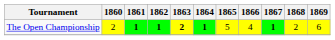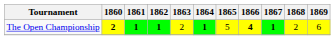 <table class="wikitable" style="font-size:95%;text-align:center;">
 <tr>
 <th>Tournament</th>
 <th>1860</th>
 <th>1861</th>
 <th>1862</th>
 <th>1863</th>
 <th>1864</th>
 <th>1865</th>
 <th>1866</th>
 <th>1867</th>
 <th>1868</th>
 <th>1869</th>
 </tr>
 <tr>
 <td align=left><a href='#'>The Open Championship</a></td>
+<td style="background:yellow;"><strong>2</strong></td>
+<td style="background:lime;"><strong>1</strong></td>
+<td style="background:lime;"><strong>1</strong></td>
 <td style="background:yellow;">2</td>
 <td style="background:lime;"><strong>1</strong></td>
-<td style="background:lime;"><strong>1</strong></td>
-<td style="background:yellow;"><strong>2</strong></td>
-<td style="background:lime;"><strong>1</strong></td>
 <td style="background:yellow;">5</td>
-<td style="background:yellow;">4</td>
+<td style="background:yellow;"><strong>4</strong></td>
 <td style="background:lime;"><strong>1</strong></td>
 <td style="background:yellow;">2</td>
 <td style="background:yellow;">6</td>
 </tr>
 <tr>
 </tr>
 </table>
